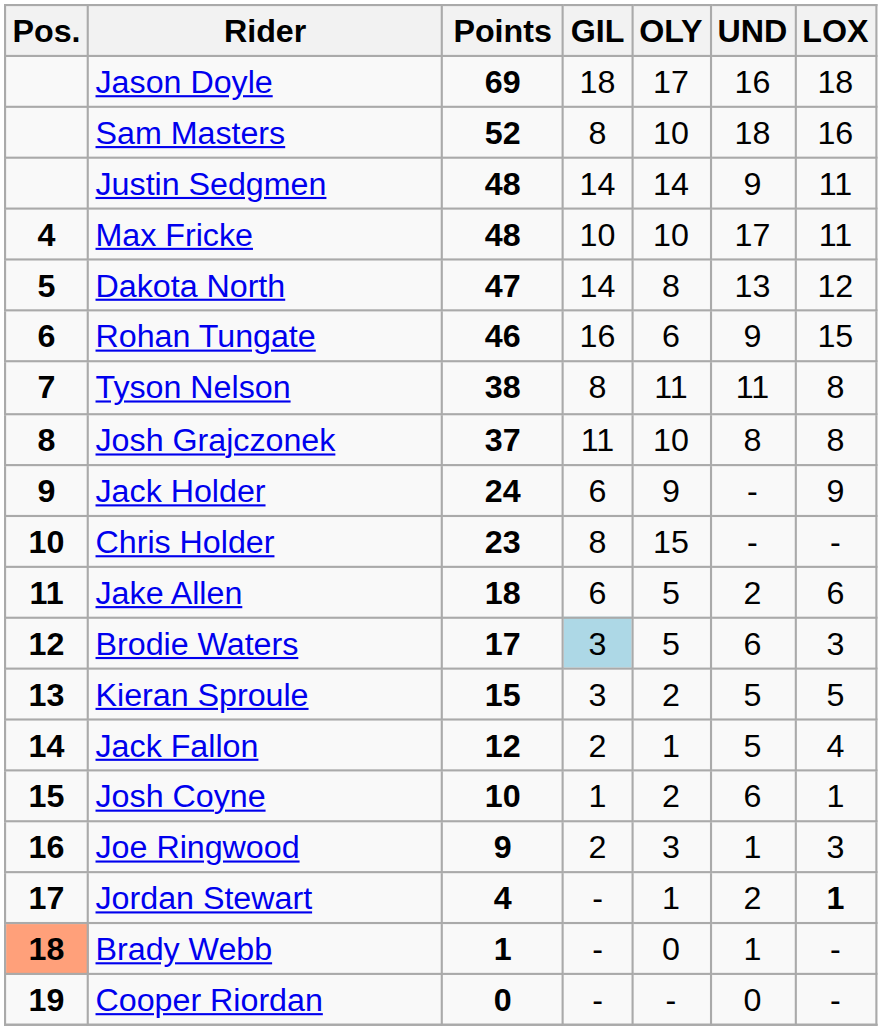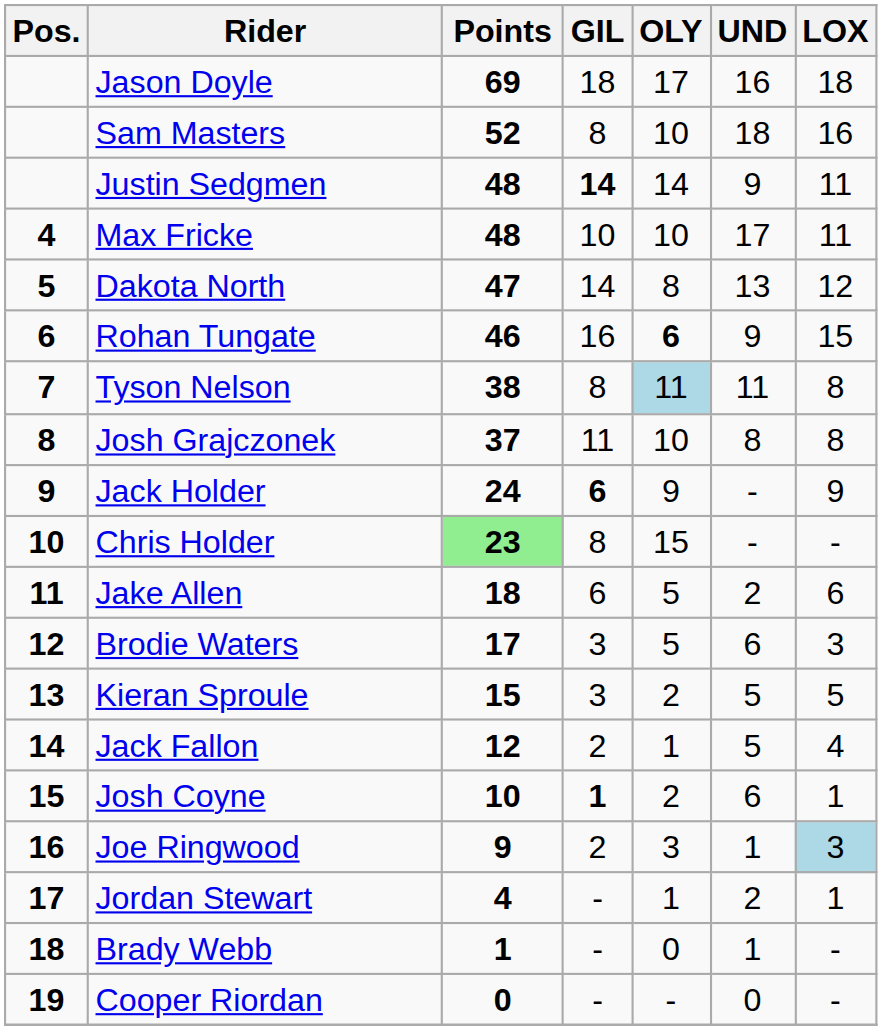 <table class="wikitable" style="font-size: 95%">
 <tr>
 <th width=20px>Pos.</th>
 <th width=160px>Rider</th>
 <th width=50px>Points</th>
 <th width=25px>GIL</th>
 <th width=25px>OLY</th>
 <th width=25px>UND</th>
 <th width=25px>LOX</th>
 </tr>
 <tr align="center" >
 <td></td>
 <td align="left"><a href='#'>Jason Doyle</a></td>
 <td><strong>69</strong></td>
 <td>18</td>
 <td>17</td>
 <td>16</td>
 <td>18</td>
 </tr>
 <tr align="center" >
 <td></td>
 <td align="left"><a href='#'>Sam Masters</a></td>
 <td><strong>52</strong></td>
 <td>8</td>
 <td>10</td>
 <td>18</td>
 <td>16</td>
 </tr>
 <tr align="center" >
 <td></td>
 <td align="left"><a href='#'>Justin Sedgmen</a></td>
 <td><strong>48</strong></td>
-<td>14</td>
+<td><strong>14</strong></td>
 <td>14</td>
 <td>9</td>
 <td>11</td>
 </tr>
 <tr align="center">
 <td><strong>4</strong></td>
 <td align="left"><a href='#'>Max Fricke</a></td>
 <td><strong>48</strong></td>
 <td>10</td>
 <td>10</td>
 <td>17</td>
 <td>11</td>
 </tr>
 <tr align="center">
 <td><strong>5</strong></td>
 <td align="left"><a href='#'>Dakota North</a></td>
 <td><strong>47</strong></td>
 <td>14</td>
 <td>8</td>
 <td>13</td>
 <td>12</td>
 </tr>
 <tr align="center">
 <td><strong>6</strong></td>
 <td align="left"><a href='#'>Rohan Tungate</a></td>
 <td><strong>46</strong></td>
 <td>16</td>
-<td>6</td>
+<td><strong>6</strong></td>
 <td>9</td>
 <td>15</td>
 </tr>
 <tr align="center">
 <td><strong>7</strong></td>
 <td align="left"><a href='#'>Tyson Nelson</a></td>
 <td><strong>38</strong></td>
 <td>8</td>
-<td>11</td>
+<td style="background: lightblue;">11</td>
 <td>11</td>
 <td>8</td>
 </tr>
 <tr align="center">
 <td><strong>8</strong></td>
 <td align="left"><a href='#'>Josh Grajczonek</a></td>
 <td><strong>37</strong></td>
 <td>11</td>
 <td>10</td>
 <td>8</td>
 <td>8</td>
 </tr>
 <tr align="center">
 <td><strong>9</strong></td>
 <td align="left"><a href='#'>Jack Holder</a></td>
 <td><strong>24</strong></td>
-<td>6</td>
+<td><strong>6</strong></td>
 <td>9</td>
 <td>-</td>
 <td>9</td>
 </tr>
 <tr align="center">
 <td><strong>10</strong></td>
 <td align="left"><a href='#'>Chris Holder</a></td>
-<td><strong>23</strong></td>
+<td style="background: lightgreen;"><strong>23</strong></td>
 <td>8</td>
 <td>15</td>
 <td>-</td>
 <td>-</td>
 </tr>
 <tr align="center">
 <td><strong>11</strong></td>
 <td align="left"><a href='#'>Jake Allen</a></td>
 <td><strong>18</strong></td>
 <td>6</td>
 <td>5</td>
 <td>2</td>
 <td>6</td>
 </tr>
 <tr align="center">
 <td><strong>12</strong></td>
 <td align="left"><a href='#'>Brodie Waters</a></td>
 <td><strong>17</strong></td>
-<td style="background: lightblue;">3</td>
+<td>3</td>
 <td>5</td>
 <td>6</td>
 <td>3</td>
 </tr>
 <tr align="center">
 <td><strong>13</strong></td>
 <td align="left"><a href='#'>Kieran Sproule</a></td>
 <td><strong>15</strong></td>
 <td>3</td>
 <td>2</td>
 <td>5</td>
 <td>5</td>
 </tr>
 <tr align="center">
 <td><strong>14</strong></td>
 <td align="left"><a href='#'>Jack Fallon</a></td>
 <td><strong>12</strong></td>
 <td>2</td>
 <td>1</td>
 <td>5</td>
 <td>4</td>
 </tr>
 <tr align="center">
 <td><strong>15</strong></td>
 <td align="left"><a href='#'>Josh Coyne</a></td>
 <td><strong>10</strong></td>
-<td>1</td>
+<td><strong>1</strong></td>
 <td>2</td>
 <td>6</td>
 <td>1</td>
 </tr>
 <tr align="center">
 <td><strong>16</strong></td>
 <td align="left"><a href='#'>Joe Ringwood</a></td>
 <td><strong>9</strong></td>
 <td>2</td>
 <td>3</td>
 <td>1</td>
-<td>3</td>
+<td style="background: lightblue;">3</td>
 </tr>
 <tr align="center">
 <td><strong>17</strong></td>
 <td align="left"><a href='#'>Jordan Stewart</a></td>
 <td><strong>4</strong></td>
 <td>-</td>
 <td>1</td>
 <td>2</td>
-<td><strong>1</strong></td>
+<td>1</td>
 </tr>
 <tr align="center">
-<td style="background: lightsalmon;"><strong>18</strong></td>
+<td><strong>18</strong></td>
 <td align="left"><a href='#'>Brady Webb</a></td>
 <td><strong>1</strong></td>
 <td>-</td>
 <td>0</td>
 <td>1</td>
 <td>-</td>
 </tr>
 <tr align="center">
 <td><strong>19</strong></td>
 <td align="left"><a href='#'>Cooper Riordan</a></td>
 <td><strong>0</strong></td>
 <td>-</td>
 <td>-</td>
 <td>0</td>
 <td>-</td>
 </tr>
 <tr align="center">
 </tr>
 </table>
